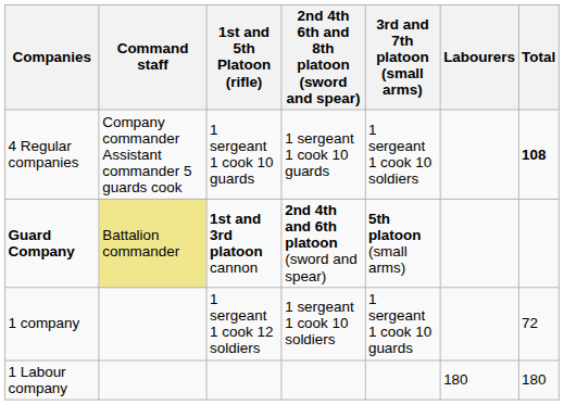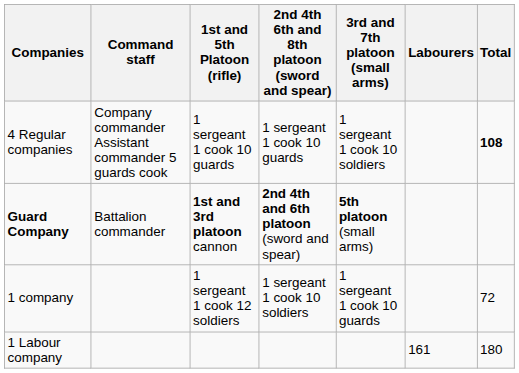 <table class="wikitable">
 <tr>
 <th>Companies</th>
 <th>Command staff</th>
 <th>1st and 5th Platoon<br>(rifle)</th>
 <th>2nd 4th 6th and 8th platoon<br>(sword and spear)</th>
 <th>3rd and 7th platoon<br>(small arms)</th>
 <th>Labourers</th>
 <th>Total</th>
 </tr>
 <tr>
 <td>4 Regular companies</td>
 <td>Company commander<br>Assistant commander 5 guards cook</td>
 <td>1 sergeant<br>1 cook 10 guards</td>
 <td>1 sergeant<br>1 cook 10 guards</td>
 <td>1 sergeant<br>1 cook  10 soldiers</td>
 <td></td>
 <td><strong>108</strong></td>
 </tr>
 <tr>
 <td><strong>Guard Company</strong></td>
-<td style="background: khaki;">Battalion commander</td>
+<td>Battalion commander</td>
 <td><strong>1st and 3rd platoon</strong><br>cannon</td>
 <td><strong>2nd 4th and 6th platoon</strong><br>(sword and spear)</td>
 <td><strong>5th platoon</strong><br>(small arms)</td>
 <td></td>
 <td></td>
 </tr>
 <tr>
 <td>1 company</td>
 <td></td>
 <td>1 sergeant<br>1 cook 12 soldiers</td>
 <td>1 sergeant<br>1 cook 10 soldiers</td>
 <td>1 sergeant<br>1 cook 10 guards</td>
 <td></td>
 <td>72</td>
 </tr>
 <tr>
 <td>1 Labour company</td>
 <td></td>
 <td></td>
 <td></td>
 <td></td>
-<td>180</td>
+<td>161</td>
 <td>180</td>
 </tr>
 </table>
